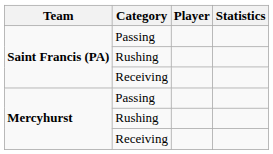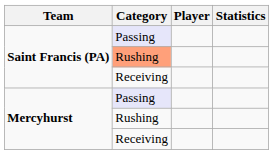 <table class="wikitable" style="float: right;">
 <tr>
 <th>Team</th>
 <th>Category</th>
 <th>Player</th>
 <th>Statistics</th>
 </tr>
 <tr>
 <td rowspan=3><strong>Saint Francis (PA)</strong></td>
-<td>Passing</td>
+<td style="background: lavender;">Passing</td>
 <td></td>
 <td></td>
 </tr>
 <tr>
-<td>Rushing</td>
+<td style="background: lightsalmon;">Rushing</td>
 <td></td>
 <td></td>
 </tr>
 <tr>
 <td>Receiving</td>
 <td></td>
 <td></td>
 </tr>
 <tr>
 <td rowspan=3><strong>Mercyhurst</strong></td>
-<td>Passing</td>
+<td style="background: lavender;">Passing</td>
 <td></td>
 <td></td>
 </tr>
 <tr>
 <td>Rushing</td>
 <td></td>
 <td></td>
 </tr>
 <tr>
 <td>Receiving</td>
 <td></td>
 <td></td>
 </tr>
 </table>
